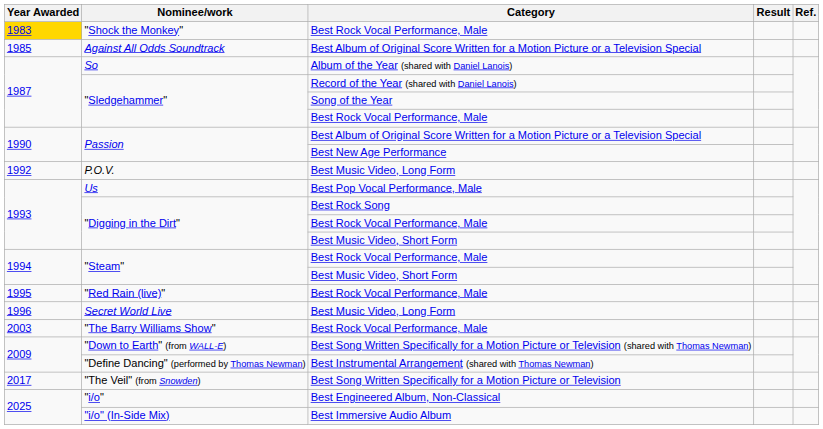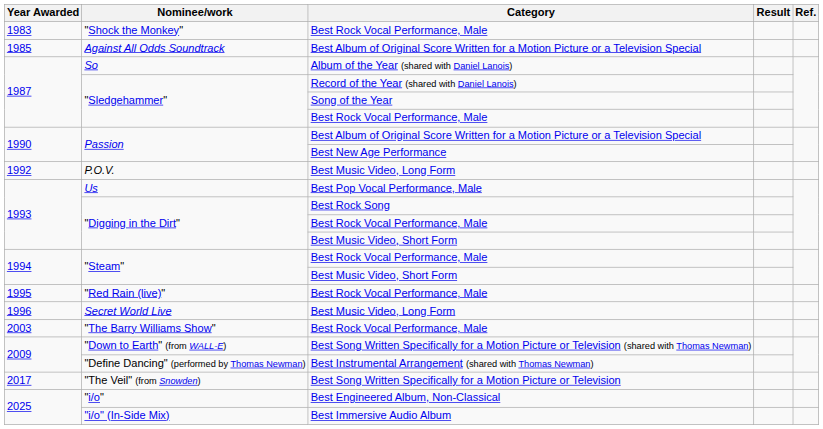 <table class="wikitable">
 <tr>
 <th>Year Awarded</th>
 <th>Nominee/work</th>
 <th>Category</th>
 <th>Result</th>
 <th>Ref.</th>
 </tr>
 <tr>
-<td style="background: gold;"><a href='#'>1983</a></td>
+<td><a href='#'>1983</a></td>
 <td>"<a href='#'>Shock the Monkey</a>"</td>
 <td><a href='#'>Best Rock Vocal Performance, Male</a></td>
 <td></td>
 <td></td>
 </tr>
 <tr>
 <td><a href='#'>1985</a></td>
 <td><em><a href='#'>Against All Odds Soundtrack</a></em></td>
 <td><a href='#'>Best Album of Original Score Written for a Motion Picture or a Television Special</a></td>
 <td></td>
 <td></td>
 </tr>
 <tr>
 <td rowspan="4"><a href='#'>1987</a></td>
 <td><em><a href='#'>So</a></em></td>
 <td><a href='#'>Album of the Year</a> <small>(shared with <a href='#'>Daniel Lanois</a>)</small></td>
 <td></td>
 <td rowspan="4"></td>
 </tr>
 <tr>
 <td rowspan="3">"<a href='#'>Sledgehammer</a>"</td>
 <td><a href='#'>Record of the Year</a> <small>(shared with <a href='#'>Daniel Lanois</a>)</small></td>
 <td></td>
 </tr>
 <tr>
 <td><a href='#'>Song of the Year</a></td>
 <td></td>
 </tr>
 <tr>
 <td><a href='#'>Best Rock Vocal Performance, Male</a></td>
 <td></td>
 </tr>
 <tr>
 <td rowspan="2"><a href='#'>1990</a></td>
 <td rowspan="2"><em><a href='#'>Passion</a></em></td>
 <td><a href='#'>Best Album of Original Score Written for a Motion Picture or a Television Special</a></td>
 <td></td>
 <td rowspan="2"></td>
 </tr>
 <tr>
 <td><a href='#'>Best New Age Performance</a></td>
 <td></td>
 </tr>
 <tr>
 <td><a href='#'>1992</a></td>
 <td><em>P.O.V.</em></td>
 <td><a href='#'>Best Music Video, Long Form</a></td>
 <td></td>
 <td></td>
 </tr>
 <tr>
 <td rowspan="4"><a href='#'>1993</a></td>
 <td><em><a href='#'>Us</a></em></td>
 <td><a href='#'>Best Pop Vocal Performance, Male</a></td>
 <td></td>
 <td rowspan="4"></td>
 </tr>
 <tr>
 <td rowspan="3">"<a href='#'>Digging in the Dirt</a>"</td>
 <td><a href='#'>Best Rock Song</a></td>
 <td></td>
 </tr>
 <tr>
 <td><a href='#'>Best Rock Vocal Performance, Male</a></td>
 <td></td>
 </tr>
 <tr>
 <td><a href='#'>Best Music Video, Short Form</a></td>
 <td></td>
 </tr>
 <tr>
 <td rowspan="2"><a href='#'>1994</a></td>
 <td rowspan="2">"<a href='#'>Steam</a>"</td>
 <td><a href='#'>Best Rock Vocal Performance, Male</a></td>
 <td></td>
 <td rowspan="2"></td>
 </tr>
 <tr>
 <td><a href='#'>Best Music Video, Short Form</a></td>
 <td></td>
 </tr>
 <tr>
 <td><a href='#'>1995</a></td>
 <td>"<a href='#'>Red Rain (live)</a>"</td>
 <td><a href='#'>Best Rock Vocal Performance, Male</a></td>
 <td></td>
 <td></td>
 </tr>
 <tr>
 <td><a href='#'>1996</a></td>
 <td><em><a href='#'>Secret World Live</a></em></td>
 <td><a href='#'>Best Music Video, Long Form</a></td>
 <td></td>
 <td></td>
 </tr>
 <tr>
 <td><a href='#'>2003</a></td>
 <td>"<a href='#'>The Barry Williams Show</a>"</td>
 <td><a href='#'>Best Rock Vocal Performance, Male</a></td>
 <td></td>
 <td></td>
 </tr>
 <tr>
 <td rowspan="2"><a href='#'>2009</a></td>
 <td>"<a href='#'>Down to Earth</a>" <small>(from <em><a href='#'>WALL-E</a></em>)</small></td>
 <td><a href='#'>Best Song Written Specifically for a Motion Picture or Television</a> <small>(shared with <a href='#'>Thomas Newman</a>)</small></td>
 <td></td>
 <td rowspan="2"></td>
 </tr>
 <tr>
 <td>"Define Dancing" <small>(performed by <a href='#'>Thomas Newman</a>)</small></td>
 <td><a href='#'>Best Instrumental Arrangement</a> <small>(shared with <a href='#'>Thomas Newman</a>)</small></td>
 <td></td>
 </tr>
 <tr>
 <td><a href='#'>2017</a></td>
 <td>"The Veil" <small>(from <em><a href='#'>Snowden</a></em>)</small></td>
 <td><a href='#'>Best Song Written Specifically for a Motion Picture or Television</a></td>
 <td></td>
 <td></td>
 </tr>
 <tr>
 <td rowspan="2"><a href='#'>2025</a></td>
 <td>"<a href='#'>i/o</a>"</td>
 <td><a href='#'>Best Engineered Album, Non-Classical</a></td>
 <td></td>
 <td></td>
 </tr>
 <tr>
 <td><a href='#'>"i/o" (In-Side Mix)</a></td>
 <td><a href='#'>Best Immersive Audio Album</a></td>
 <td></td>
 <td></td>
 </tr>
 </table>
